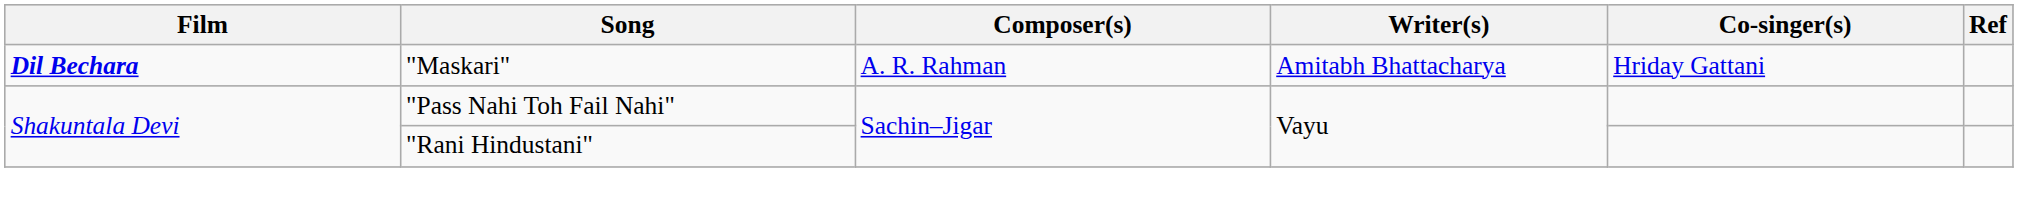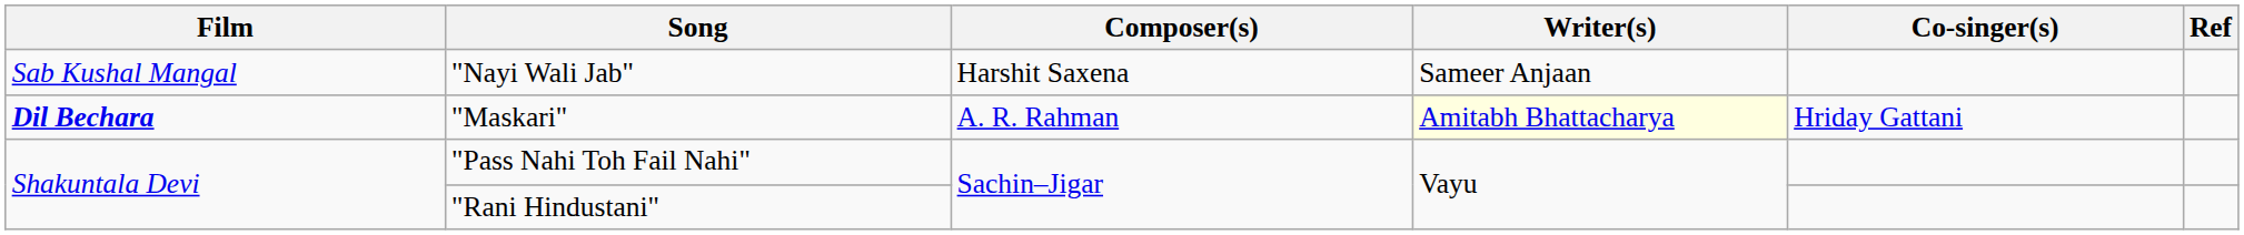 <table class="wikitable plainrowheaders" width="100%">
 <tr>
 <th width=20%>Film</th>
 <th width=23%>Song</th>
 <th width=21%>Composer(s)</th>
 <th width=17%>Writer(s)</th>
 <th width=18%>Co-singer(s)</th>
 <th width=1%>Ref</th>
 </tr>
 <tr>
+<td><em><a href='#'>Sab Kushal Mangal</a></em></td>
+<td>"Nayi Wali Jab"</td>
+<td>Harshit Saxena</td>
+<td>Sameer Anjaan</td>
+<td></td>
+<td></td>
+</tr>
+<tr>
 <td><strong><em><a href='#'>Dil Bechara</a></em></strong></td>
 <td>"Maskari"</td>
 <td><a href='#'>A. R. Rahman</a></td>
-<td><a href='#'>Amitabh Bhattacharya</a></td>
+<td style="background: lightyellow;"><a href='#'>Amitabh Bhattacharya</a></td>
 <td><a href='#'>Hriday Gattani</a></td>
 <td></td>
 </tr>
 <tr>
 <td rowspan="2"><a href='#'><em>Shakuntala Devi</em></a></td>
 <td>"Pass Nahi Toh Fail Nahi"</td>
 <td rowspan="2"><a href='#'>Sachin–Jigar</a></td>
 <td rowspan="2">Vayu</td>
 <td></td>
 <td></td>
 </tr>
 <tr>
 <td>"Rani Hindustani"</td>
 <td></td>
 <td></td>
 </tr>
 </table>
